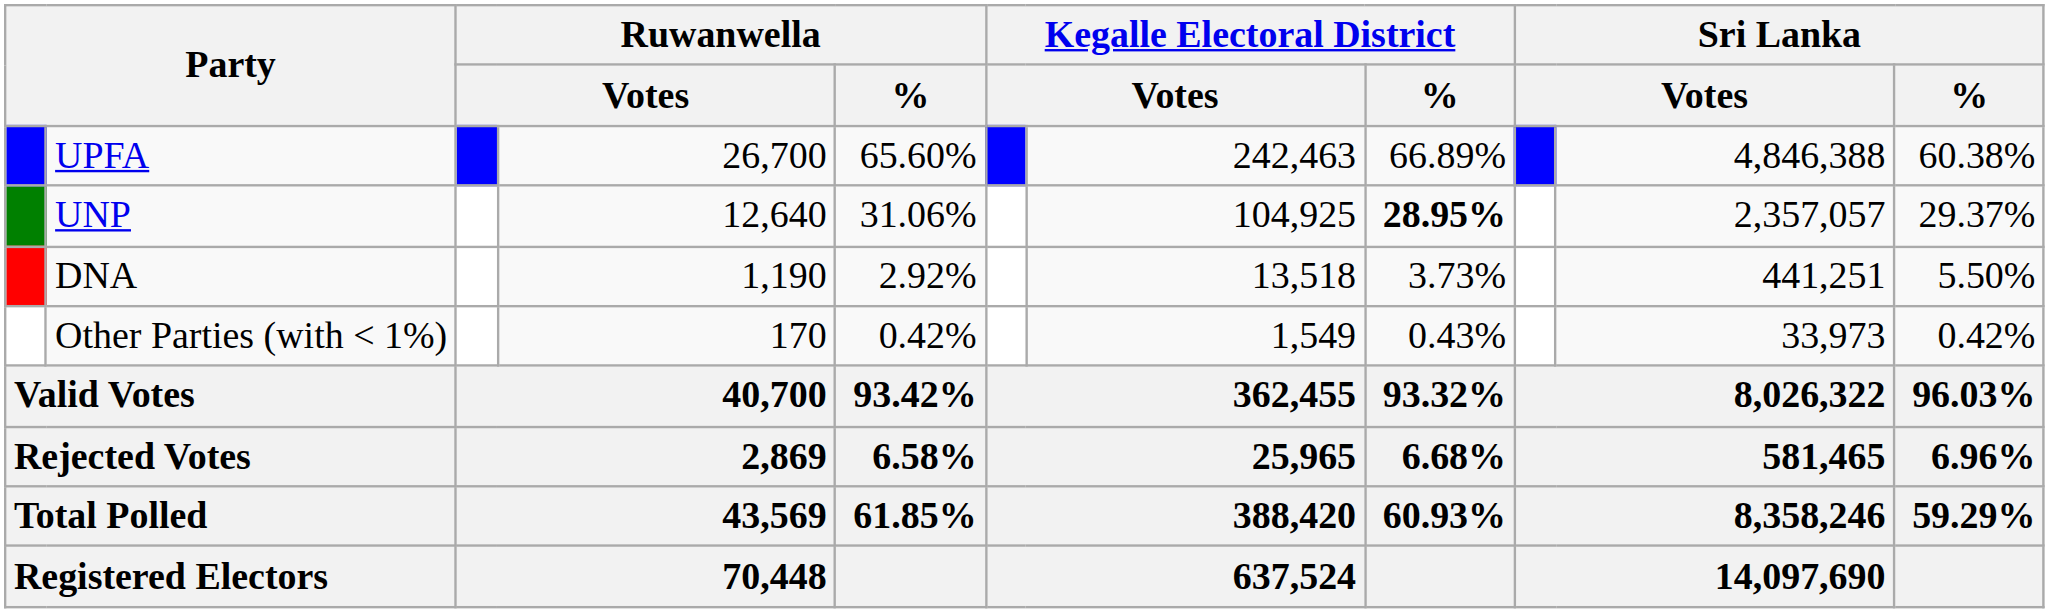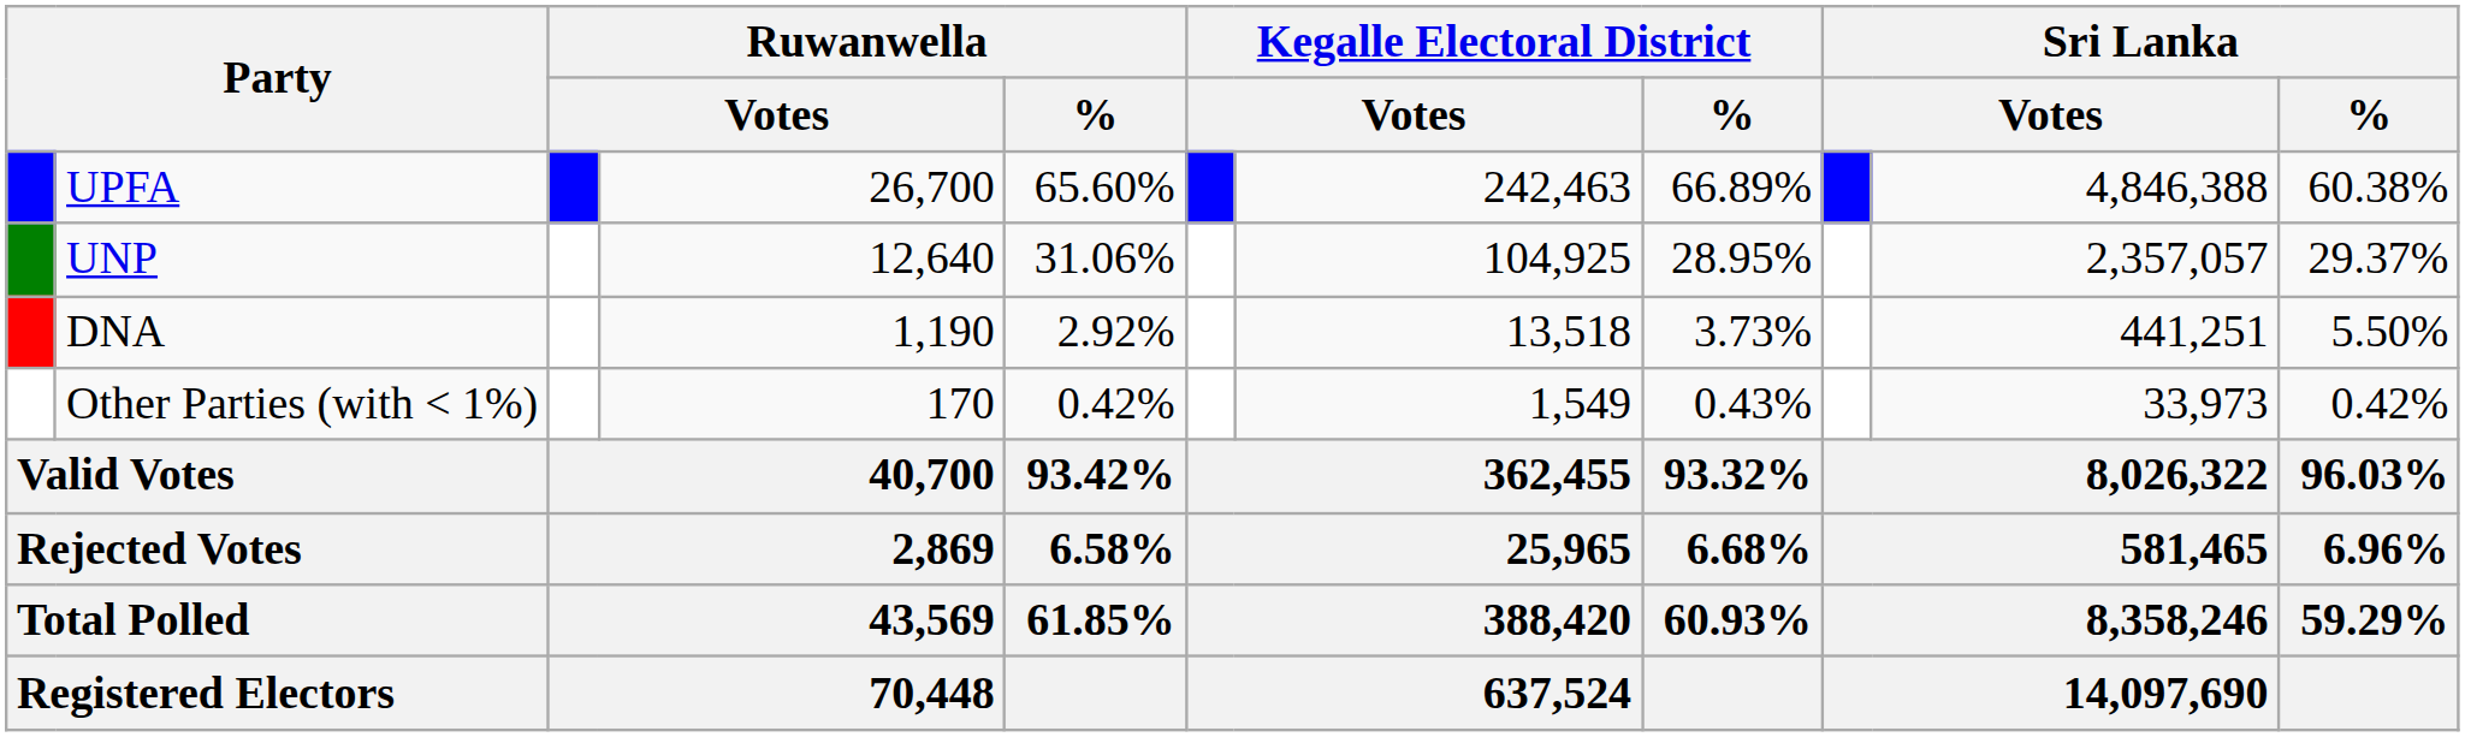 <table class="wikitable">
 <tr>
 <th colspan="2" width="144px"rowspan="2">Party</th>
 <th colspan="3" width="216px">Ruwanwella</th>
 <th colspan="3" width="216px"><a href='#'>Kegalle Electoral District</a></th>
 <th colspan="3" width="216px">Sri Lanka</th>
 </tr>
 <tr>
 <th colspan="2" width="144px">Votes</th>
 <th>%</th>
 <th colspan="2" width="144px">Votes</th>
 <th>%</th>
 <th colspan="2" width="144px">Votes</th>
 <th>%</th>
 </tr>
 <tr>
 <td style="background-color:blue;" width="10px"></td>
 <td style="text-align:left;"><a href='#'>UPFA</a></td>
 <td style="background-color:blue;" width="10px"></td>
 <td style="text-align:right;">26,700</td>
 <td style="text-align:right;">65.60%</td>
 <td style="background-color:blue;" width="10px"></td>
 <td style="text-align:right;">242,463</td>
 <td style="text-align:right;">66.89%</td>
 <td style="background-color:blue;" width="10px"></td>
 <td style="text-align:right;">4,846,388</td>
 <td style="text-align:right;">60.38%</td>
 </tr>
 <tr>
 <td style="background-color:green;" width="10px"></td>
 <td style="text-align:left;"><a href='#'>UNP</a></td>
 <td style="background-color:white;" width="10px"></td>
 <td style="text-align:right;">12,640</td>
 <td style="text-align:right;">31.06%</td>
 <td style="background-color:white;" width="10px"></td>
 <td style="text-align:right;">104,925</td>
-<td style="text-align:right;"><strong>28.95%</strong></td>
+<td style="text-align:right;">28.95%</td>
 <td style="background-color:white;" width="10px"></td>
 <td style="text-align:right;">2,357,057</td>
 <td style="text-align:right;">29.37%</td>
 </tr>
 <tr>
 <td style="background-color:red;" width="10px"></td>
 <td style="text-align:left;">DNA</td>
 <td style="background-color:white;" width="10px"></td>
 <td style="text-align:right;">1,190</td>
 <td style="text-align:right;">2.92%</td>
 <td style="background-color:white;" width="10px"></td>
 <td style="text-align:right;">13,518</td>
 <td style="text-align:right;">3.73%</td>
 <td style="background-color:white;" width="10px"></td>
 <td style="text-align:right;">441,251</td>
 <td style="text-align:right;">5.50%</td>
 </tr>
 <tr>
 <td style="background-color:white;" width="10px"></td>
 <td style="text-align:left;">Other Parties (with < 1%)</td>
 <td style="background-color:white;" width="10px"></td>
 <td style="text-align:right;">170</td>
 <td style="text-align:right;">0.42%</td>
 <td style="background-color:white;" width="10px"></td>
 <td style="text-align:right;">1,549</td>
 <td style="text-align:right;">0.43%</td>
 <td style="background-color:white;" width="10px"></td>
 <td style="text-align:right;">33,973</td>
 <td style="text-align:right;">0.42%</td>
 </tr>
 <tr>
 <th colspan="2" width="144px"style="text-align:left;">Valid Votes</th>
 <th style="text-align:right;"colspan="2" width="144px">40,700</th>
 <th style="text-align:right;">93.42%</th>
 <th style="text-align:right;"colspan="2" width="144px">362,455</th>
 <th style="text-align:right;">93.32%</th>
 <th style="text-align:right;"colspan="2" width="144px">8,026,322</th>
 <th style="text-align:right;">96.03%</th>
 </tr>
 <tr>
 <th colspan="2" width="144px"style="text-align:left;">Rejected Votes</th>
 <th style="text-align:right;"colspan="2" width="144px">2,869</th>
 <th style="text-align:right;">6.58%</th>
 <th style="text-align:right;"colspan="2" width="144px">25,965</th>
 <th style="text-align:right;">6.68%</th>
 <th style="text-align:right;"colspan="2" width="144px">581,465</th>
 <th style="text-align:right;">6.96%</th>
 </tr>
 <tr>
 <th colspan="2" width="144px"style="text-align:left;">Total Polled</th>
 <th style="text-align:right;"colspan="2" width="144px">43,569</th>
 <th style="text-align:right;">61.85%</th>
 <th style="text-align:right;"colspan="2" width="144px">388,420</th>
 <th style="text-align:right;">60.93%</th>
 <th style="text-align:right;"colspan="2" width="144px">8,358,246</th>
 <th style="text-align:right;">59.29%</th>
 </tr>
 <tr>
 <th colspan="2" width="144px"style="text-align:left;">Registered Electors</th>
 <th style="text-align:right;"colspan="2" width="144px">70,448</th>
 <th></th>
 <th style="text-align:right;"colspan="2" width="144px">637,524</th>
 <th></th>
 <th style="text-align:right;"colspan="2" width="144px">14,097,690</th>
 <th></th>
 </tr>
 </table>
